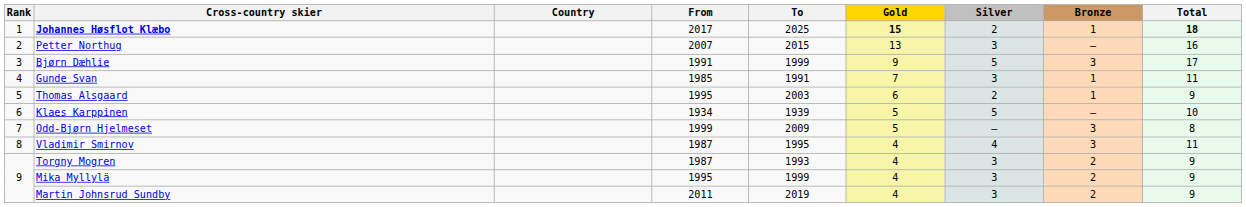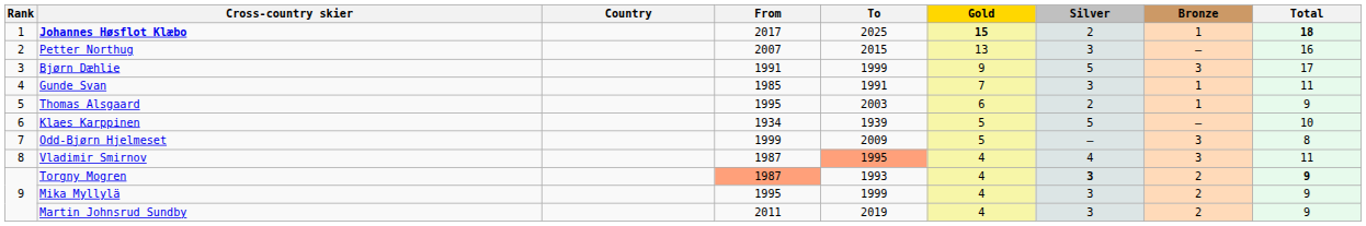 <table class="wikitable plainrowheaders" width=80% style="text-align:center;">
 <tr style="background-color:#EDEDED;">
 <th class="hintergrundfarbe5" style="width:1em">Rank</th>
 <th class="hintergrundfarbe5">Cross-country skier</th>
 <th class="hintergrundfarbe5">Country</th>
 <th class="hintergrundfarbe5">From</th>
 <th class="hintergrundfarbe5">To</th>
 <th style="background:    gold; width:8%">Gold</th>
 <th style="background:  silver; width:8%">Silver</th>
 <th style="background: #CC9966; width:8%">Bronze</th>
 <th class="hintergrundfarbe5" style="width:8%">Total</th>
 </tr>
 <tr>
 <td>1</td>
 <td align="left"><strong><a href='#'>Johannes Høsflot Klæbo</a></strong></td>
 <td align="left"></td>
 <td>2017</td>
 <td>2025</td>
 <td bgcolor="#F7F6A8"><strong>15</strong></td>
 <td bgcolor="#DCE5E5">2</td>
 <td bgcolor="#FFDAB9">1</td>
 <td bgcolor="#E7FAEC"><strong>18</strong></td>
 </tr>
 <tr align="center">
 <td>2</td>
 <td align="left"><a href='#'>Petter Northug</a></td>
 <td align="left"></td>
 <td>2007</td>
 <td>2015</td>
 <td bgcolor="#F7F6A8">13</td>
 <td bgcolor="#DCE5E5">3</td>
 <td bgcolor="#FFDAB9">–</td>
 <td bgcolor="#E7FAEC">16</td>
 </tr>
 <tr align="center">
 <td>3</td>
 <td align="left"><a href='#'>Bjørn Dæhlie</a></td>
 <td align="left"></td>
 <td>1991</td>
 <td>1999</td>
 <td bgcolor="#F7F6A8">9</td>
 <td bgcolor="#DCE5E5">5</td>
 <td bgcolor="#FFDAB9">3</td>
 <td bgcolor="#E7FAEC">17</td>
 </tr>
 <tr align="center">
 <td>4</td>
 <td align="left"><a href='#'>Gunde Svan</a></td>
 <td align="left"></td>
 <td>1985</td>
 <td>1991</td>
 <td bgcolor="#F7F6A8">7</td>
 <td bgcolor="#DCE5E5">3</td>
 <td bgcolor="#FFDAB9">1</td>
 <td bgcolor="#E7FAEC">11</td>
 </tr>
 <tr align="center">
 <td>5</td>
 <td align="left"><a href='#'>Thomas Alsgaard</a></td>
 <td align="left"></td>
 <td>1995</td>
 <td>2003</td>
 <td bgcolor="#F7F6A8">6</td>
 <td bgcolor="#DCE5E5">2</td>
 <td bgcolor="#FFDAB9">1</td>
 <td bgcolor="#E7FAEC">9</td>
 </tr>
 <tr align="center">
 <td>6</td>
 <td align="left"><a href='#'>Klaes Karppinen</a></td>
 <td align="left"></td>
 <td>1934</td>
 <td>1939</td>
 <td bgcolor="#F7F6A8">5</td>
 <td bgcolor="#DCE5E5">5</td>
 <td bgcolor="#FFDAB9">–</td>
 <td bgcolor="#E7FAEC">10</td>
 </tr>
 <tr align="center">
 <td>7</td>
 <td align="left"><a href='#'>Odd-Bjørn Hjelmeset</a></td>
 <td align="left"></td>
 <td>1999</td>
 <td>2009</td>
 <td bgcolor="#F7F6A8">5</td>
 <td bgcolor="#DCE5E5">–</td>
 <td bgcolor="#FFDAB9">3</td>
 <td bgcolor="#E7FAEC">8</td>
 </tr>
 <tr align="center">
 <td>8</td>
 <td align="left"><a href='#'>Vladimir Smirnov</a></td>
 <td align="left"><br></td>
 <td>1987</td>
-<td>1995</td>
+<td style="background: lightsalmon;">1995</td>
 <td bgcolor="#F7F6A8">4</td>
 <td bgcolor="#DCE5E5">4</td>
 <td bgcolor="#FFDAB9">3</td>
 <td bgcolor="#E7FAEC">11</td>
 </tr>
 <tr align="center">
 <td rowspan="3">9</td>
 <td align="left"><a href='#'>Torgny Mogren</a></td>
 <td align="left"></td>
-<td>1987</td>
+<td style="background: lightsalmon;">1987</td>
 <td>1993</td>
 <td bgcolor="#F7F6A8">4</td>
-<td bgcolor="#DCE5E5">3</td>
+<td bgcolor="#DCE5E5"><strong>3</strong></td>
 <td bgcolor="#FFDAB9">2</td>
-<td bgcolor="#E7FAEC">9</td>
+<td bgcolor="#E7FAEC"><strong>9</strong></td>
 </tr>
 <tr align="center">
 <td align="left"><a href='#'>Mika Myllylä</a></td>
 <td align="left"></td>
 <td>1995</td>
 <td>1999</td>
 <td bgcolor="#F7F6A8">4</td>
 <td bgcolor="#DCE5E5">3</td>
 <td bgcolor="#FFDAB9">2</td>
 <td bgcolor="#E7FAEC">9</td>
 </tr>
 <tr align="center">
 <td align="left"><a href='#'>Martin Johnsrud Sundby</a></td>
 <td align="left"></td>
 <td>2011</td>
 <td>2019</td>
 <td bgcolor="#F7F6A8">4</td>
 <td bgcolor="#DCE5E5">3</td>
 <td bgcolor="#FFDAB9">2</td>
 <td bgcolor="#E7FAEC">9</td>
 </tr>
 </table>
